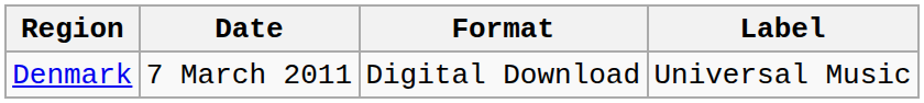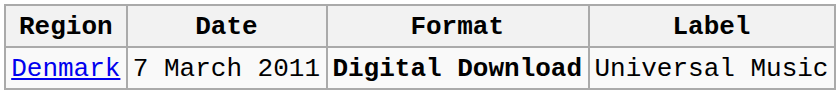 <table class=wikitable>
 <tr>
 <th>Region</th>
 <th>Date</th>
 <th>Format</th>
 <th>Label</th>
 </tr>
 <tr>
 <td><a href='#'>Denmark</a></td>
 <td>7 March 2011</td>
-<td>Digital Download</td>
+<td><strong>Digital Download</strong></td>
 <td>Universal Music</td>
 </tr>
 <tr>
 </tr>
 </table>
